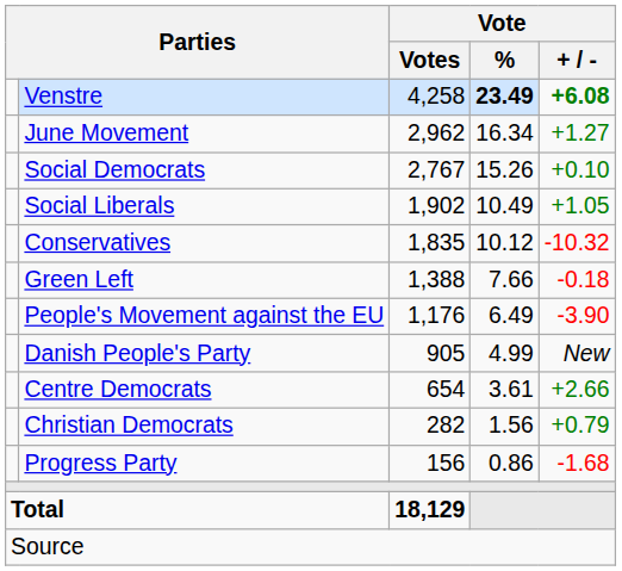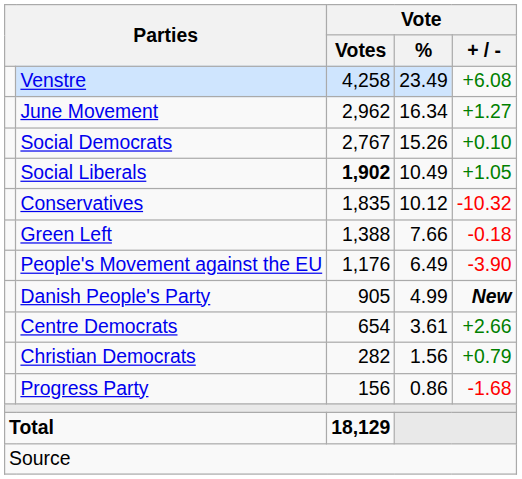 <table class="wikitable" style="text-align:right;">
 <tr>
 <th style="text-align:centre;" rowspan="2" colspan="2" width="225">Parties</th>
 <th colspan="3">Vote</th>
 </tr>
 <tr>
 <th width="15">Votes</th>
 <th width="15">%</th>
 <th width="15">+ / -</th>
 </tr>
 <tr>
 <td width="2" style="color:inherit;background:"></td>
 <td bgcolor=#cfe5fe   align="left"><a href='#'>Venstre</a></td>
 <td bgcolor=#cfe5fe>4,258</td>
-<td bgcolor=#cfe5fe><strong>23.49</strong></td>
-<td style=color:green;><strong>+6.08</strong></td>
+<td bgcolor=#cfe5fe>23.49</td>
+<td style=color:green;>+6.08</td>
 </tr>
 <tr>
 <td width="2" style="color:inherit;background:"></td>
 <td align="left"><a href='#'>June Movement</a></td>
 <td>2,962</td>
 <td>16.34</td>
 <td style=color:green;>+1.27</td>
 </tr>
 <tr>
 <td width="2" style="color:inherit;background:"></td>
 <td align="left"><a href='#'>Social Democrats</a></td>
 <td>2,767</td>
 <td>15.26</td>
 <td style=color:green;>+0.10</td>
 </tr>
 <tr>
 <td width="2" style="color:inherit;background:"></td>
 <td align="left"><a href='#'>Social Liberals</a></td>
-<td>1,902</td>
+<td><strong>1,902</strong></td>
 <td>10.49</td>
 <td style=color:green;>+1.05</td>
 </tr>
 <tr>
 <td width="2" style="color:inherit;background:"></td>
 <td align="left"><a href='#'>Conservatives</a></td>
 <td>1,835</td>
 <td>10.12</td>
 <td style=color:red;>-10.32</td>
 </tr>
 <tr>
 <td width="2" style="color:inherit;background:"></td>
 <td align="left"><a href='#'>Green Left</a></td>
 <td>1,388</td>
 <td>7.66</td>
 <td style=color:red;>-0.18</td>
 </tr>
 <tr>
 <td width="2" style="color:inherit;background:"></td>
 <td align="left"><a href='#'>People's Movement against the EU</a></td>
 <td>1,176</td>
 <td>6.49</td>
 <td style=color:red;>-3.90</td>
 </tr>
 <tr>
 <td width="2" style="color:inherit;background:"></td>
 <td align="left"><a href='#'>Danish People's Party</a></td>
 <td>905</td>
 <td>4.99</td>
-<td><em>New</em></td>
+<td><strong><em>New</em></strong></td>
 </tr>
 <tr>
 <td width="2" style="color:inherit;background:"></td>
 <td align="left"><a href='#'>Centre Democrats</a></td>
 <td>654</td>
 <td>3.61</td>
 <td style=color:green;>+2.66</td>
 </tr>
 <tr>
 <td width="2" style="color:inherit;background:"></td>
 <td align="left"><a href='#'>Christian Democrats</a></td>
 <td>282</td>
 <td>1.56</td>
 <td style=color:green;>+0.79</td>
 </tr>
 <tr>
 <td width="2" style="color:inherit;background:"></td>
 <td align="left"><a href='#'>Progress Party</a></td>
 <td>156</td>
 <td>0.86</td>
 <td style=color:red;>-1.68</td>
 </tr>
 <tr>
 <td colspan="7" bgcolor="#E9E9E9"></td>
 </tr>
 <tr>
 <td align="left" colspan="2"><strong>Total</strong></td>
 <td><strong>18,129</strong></td>
 <td bgcolor="#E9E9E9" colspan="2"></td>
 </tr>
 <tr>
 <td align="left" colspan="6">Source</td>
 </tr>
 </table>
